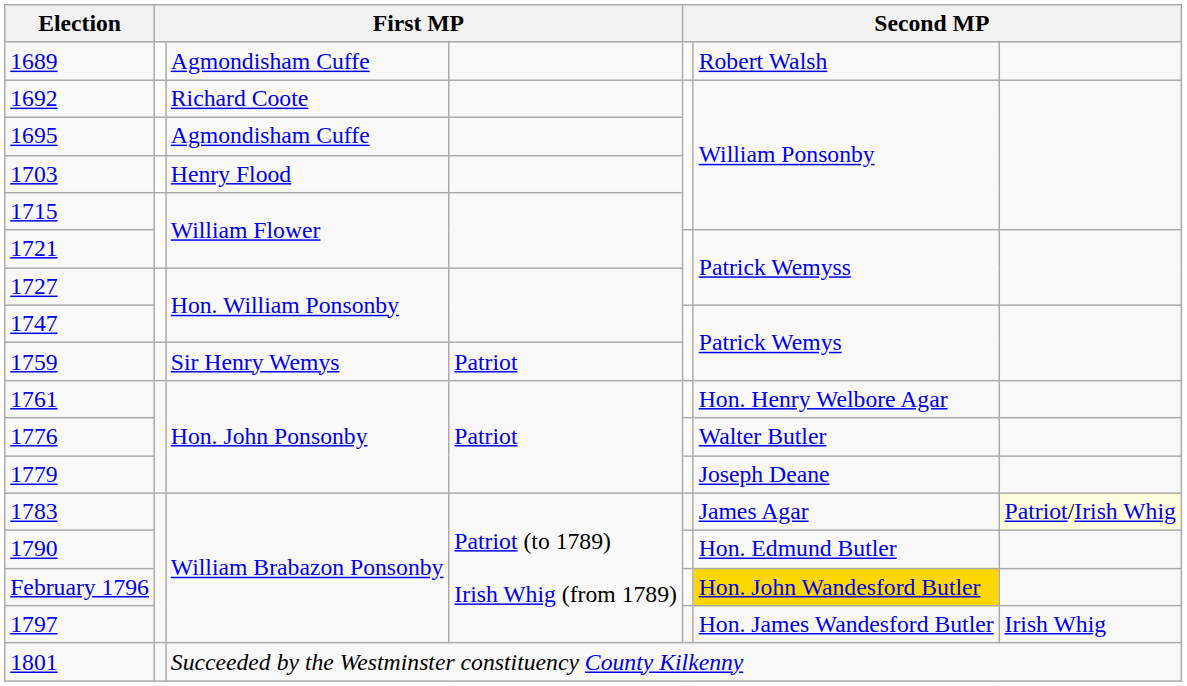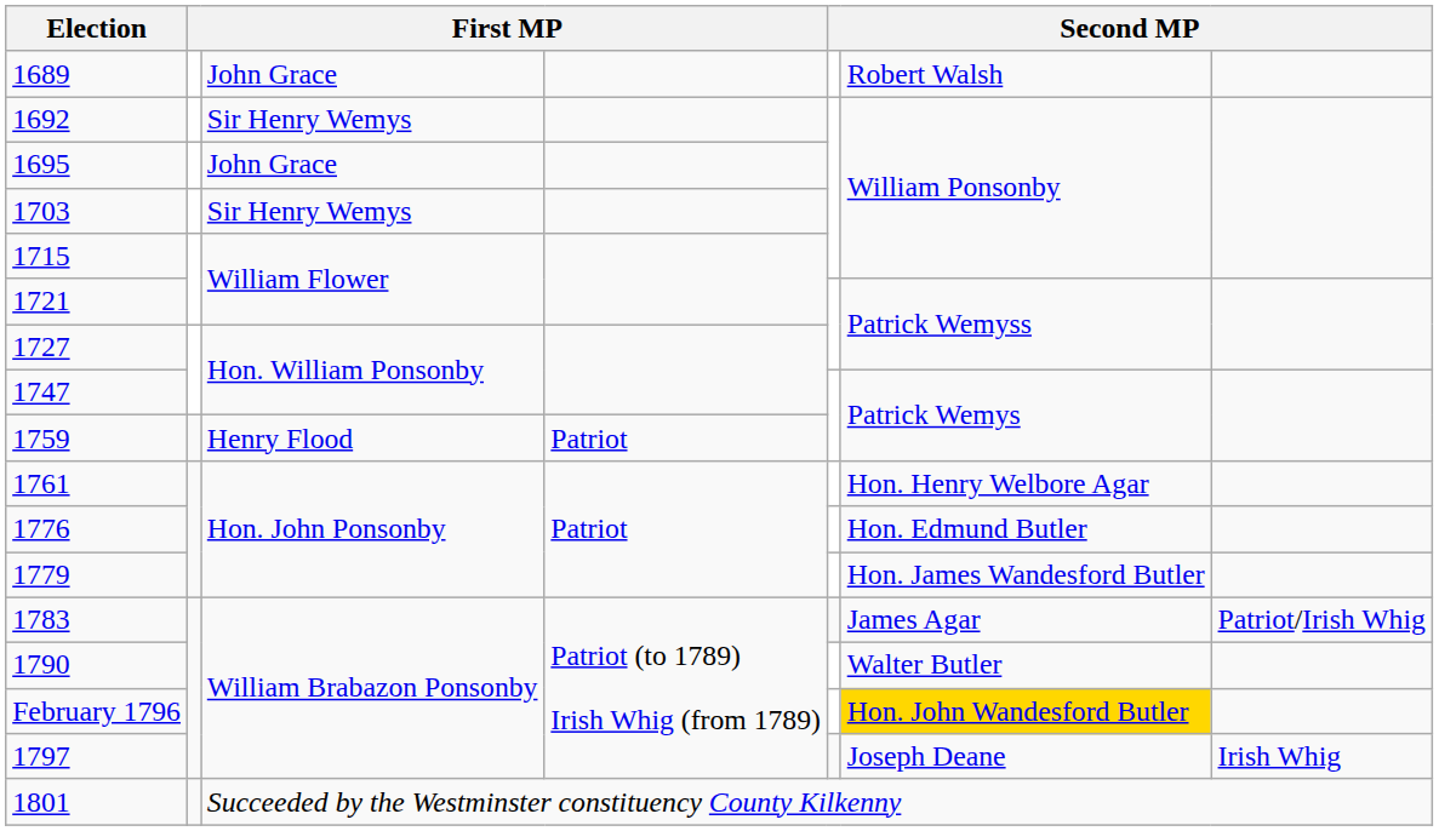 <table class="wikitable">
 <tr>
 <th>Election</th>
 <th colspan=3>First MP</th>
 <th colspan=3>Second MP</th>
 </tr>
 <tr>
 <td><a href='#'>1689</a></td>
 <td style="background-color: white"></td>
-<td><a href='#'>Agmondisham Cuffe</a></td>
+<td><a href='#'>John Grace</a></td>
 <td></td>
 <td style="background-color: white"></td>
 <td><a href='#'>Robert Walsh</a></td>
 <td></td>
 </tr>
 <tr>
 <td><a href='#'>1692</a></td>
 <td style="background-color: white"></td>
-<td><a href='#'>Richard Coote</a></td>
+<td><a href='#'>Sir Henry Wemys</a> </td>
 <td></td>
 <td rowspan="4" style="background-color: white"></td>
 <td rowspan="4"><a href='#'>William Ponsonby</a></td>
 <td rowspan="4"></td>
 </tr>
 <tr>
 <td><a href='#'>1695</a></td>
 <td style="background-color: white"></td>
-<td><a href='#'>Agmondisham Cuffe</a></td>
+<td><a href='#'>John Grace</a></td>
 <td></td>
 </tr>
 <tr>
 <td><a href='#'>1703</a></td>
 <td style="background-color: white"></td>
-<td><a href='#'>Henry Flood</a></td>
+<td><a href='#'>Sir Henry Wemys</a> </td>
 <td></td>
 </tr>
 <tr>
 <td><a href='#'>1715</a></td>
 <td rowspan="2" style="background-color: white"></td>
 <td rowspan="2"><a href='#'>William Flower</a></td>
 <td rowspan="2"></td>
 </tr>
 <tr>
 <td><a href='#'>1721</a></td>
 <td rowspan="2" style="background-color: white"></td>
 <td rowspan="2"><a href='#'>Patrick Wemyss</a></td>
 <td rowspan="2"></td>
 </tr>
 <tr>
 <td><a href='#'>1727</a></td>
 <td rowspan="2" style="background-color: white"></td>
 <td rowspan="2"><a href='#'>Hon. William Ponsonby</a></td>
 <td rowspan="2"></td>
 </tr>
 <tr>
 <td><a href='#'>1747</a></td>
 <td rowspan="2" style="background-color: white"></td>
 <td rowspan="2"><a href='#'>Patrick Wemys</a></td>
 <td rowspan="2"></td>
 </tr>
 <tr>
 <td><a href='#'>1759</a></td>
 <td style="background-color: "></td>
-<td><a href='#'>Sir Henry Wemys</a> </td>
+<td><a href='#'>Henry Flood</a></td>
 <td><a href='#'>Patriot</a></td>
 </tr>
 <tr>
 <td><a href='#'>1761</a></td>
 <td rowspan="3" style="background-color: "></td>
 <td rowspan="3"><a href='#'>Hon. John Ponsonby</a></td>
 <td rowspan="3"><a href='#'>Patriot</a></td>
 <td style="background-color: white"></td>
 <td><a href='#'>Hon. Henry Welbore Agar</a></td>
 <td></td>
 </tr>
 <tr>
 <td><a href='#'>1776</a></td>
 <td style="background-color: white"></td>
-<td><a href='#'>Walter Butler</a></td>
+<td><a href='#'>Hon. Edmund Butler</a></td>
 <td></td>
 </tr>
 <tr>
 <td><a href='#'>1779</a></td>
 <td style="background-color: white"></td>
-<td><a href='#'>Joseph Deane</a></td>
+<td><a href='#'>Hon. James Wandesford Butler</a></td>
 <td></td>
 </tr>
 <tr>
 <td><a href='#'>1783</a></td>
 <td rowspan="4" style="background-color: "></td>
 <td rowspan="4"><a href='#'>William Brabazon Ponsonby</a></td>
 <td rowspan="4"><a href='#'>Patriot</a> (to 1789)<br><br><a href='#'>Irish Whig</a> (from 1789)</td>
 <td style="background-color: "></td>
 <td><a href='#'>James Agar</a></td>
-<td style="background: lightyellow;"><a href='#'>Patriot</a>/<a href='#'>Irish Whig</a></td>
+<td><a href='#'>Patriot</a>/<a href='#'>Irish Whig</a></td>
 </tr>
 <tr>
 <td><a href='#'>1790</a></td>
 <td style="background-color: white"></td>
-<td><a href='#'>Hon. Edmund Butler</a></td>
+<td><a href='#'>Walter Butler</a></td>
 <td></td>
 </tr>
 <tr>
 <td><a href='#'>February 1796</a></td>
 <td style="background-color: white"></td>
 <td style="background: gold;"><a href='#'>Hon. John Wandesford Butler</a></td>
 <td></td>
 </tr>
 <tr>
 <td><a href='#'>1797</a></td>
 <td style="background-color: "></td>
-<td><a href='#'>Hon. James Wandesford Butler</a></td>
+<td><a href='#'>Joseph Deane</a></td>
 <td><a href='#'>Irish Whig</a></td>
 </tr>
 <tr>
 <td><a href='#'>1801</a></td>
 <td></td>
 <td colspan="5"><em>Succeeded by the Westminster constituency <a href='#'>County Kilkenny</a></em></td>
 </tr>
 </table>
